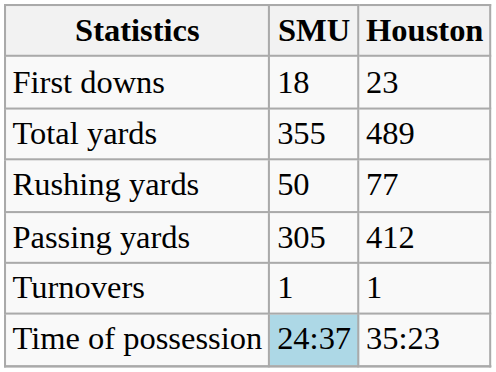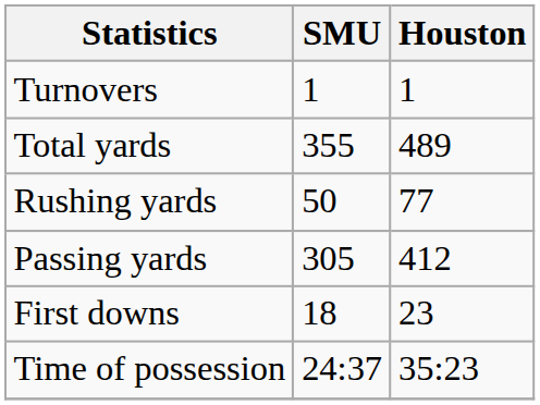 <table class="wikitable">
 <tr>
 <th>Statistics</th>
 <th>SMU</th>
 <th>Houston</th>
 </tr>
 <tr>
-<td>First downs</td>
-<td>18</td>
-<td>23</td>
+<td>Turnovers</td>
+<td>1</td>
+<td>1</td>
 </tr>
 <tr>
 <td>Total yards</td>
 <td>355</td>
 <td>489</td>
 </tr>
 <tr>
 <td>Rushing yards</td>
 <td>50</td>
 <td>77</td>
 </tr>
 <tr>
 <td>Passing yards</td>
 <td>305</td>
 <td>412</td>
 </tr>
 <tr>
-<td>Turnovers</td>
-<td>1</td>
-<td>1</td>
+<td>First downs</td>
+<td>18</td>
+<td>23</td>
 </tr>
 <tr>
 <td>Time of possession</td>
-<td style="background: lightblue;">24:37</td>
+<td>24:37</td>
 <td>35:23</td>
 </tr>
 <tr>
 </tr>
 </table>
